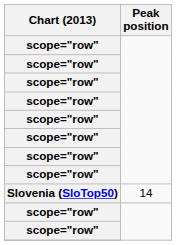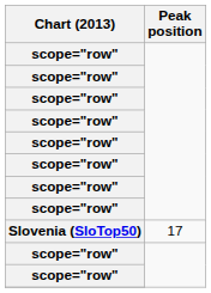 <table class="wikitable sortable plainrowheaders">
 <tr>
 <th>Chart (2013)</th>
 <th>Peak<br>position</th>
 </tr>
 <tr>
 <th>scope="row" </th>
 </tr>
 <tr>
 <th>scope="row" </th>
 </tr>
 <tr>
 <th>scope="row" </th>
 </tr>
 <tr>
 <th>scope="row" </th>
 </tr>
 <tr>
 <th>scope="row" </th>
 </tr>
 <tr>
 <th>scope="row" </th>
 </tr>
 <tr>
 <th>scope="row" </th>
 </tr>
 <tr>
 <th>scope="row" </th>
 </tr>
 <tr>
 <th scope="row">Slovenia (<a href='#'>SloTop50</a>)</th>
-<td align=center>14</td>
+<td align=center>17</td>
 </tr>
 <tr>
 <th>scope="row" </th>
 </tr>
 <tr>
 <th>scope="row" </th>
 </tr>
 <tr>
 </tr>
 </table>
